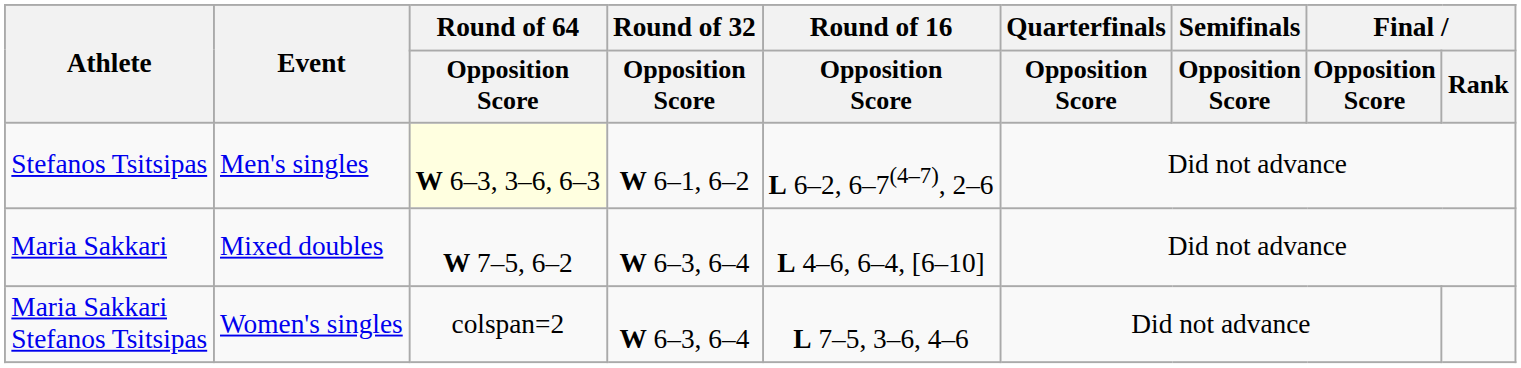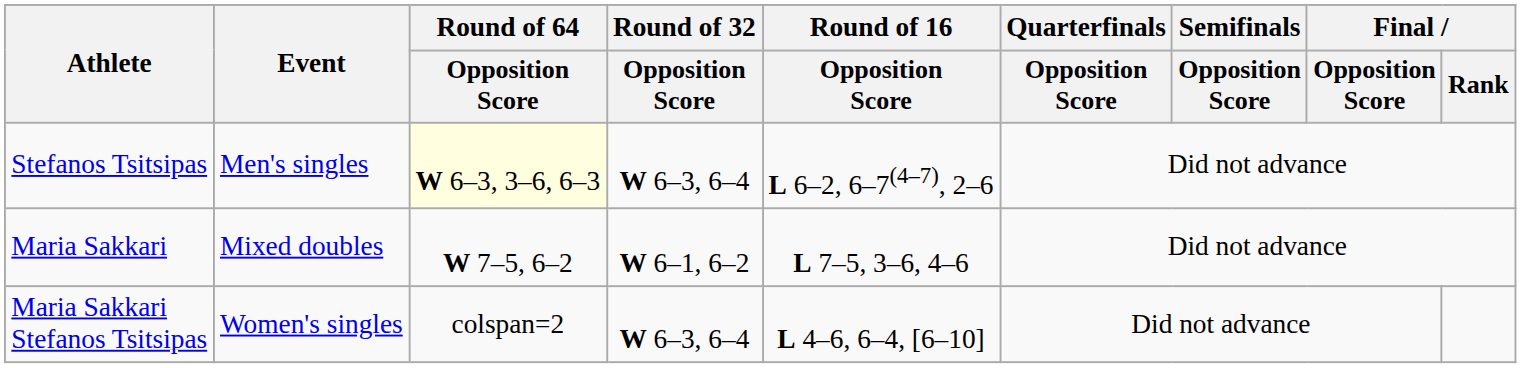 <table class=wikitable style="font-size:90%">
 <tr>
 <th rowspan="2">Athlete</th>
 <th rowspan="2">Event</th>
 <th>Round of 64</th>
 <th>Round of 32</th>
 <th>Round of 16</th>
 <th>Quarterfinals</th>
 <th>Semifinals</th>
 <th colspan=2>Final / </th>
 </tr>
 <tr style="font-size:95%">
 <th>Opposition<br>Score</th>
 <th>Opposition<br>Score</th>
 <th>Opposition<br>Score</th>
 <th>Opposition<br>Score</th>
 <th>Opposition<br>Score</th>
 <th>Opposition<br>Score</th>
 <th>Rank</th>
 </tr>
 <tr align=center>
 <td align=left><a href='#'>Stefanos Tsitsipas</a></td>
 <td align=left><a href='#'>Men's singles</a></td>
 <td style="background: lightyellow;"><br><strong>W</strong> 6–3, 3–6, 6–3</td>
-<td><br><strong>W</strong> 6–1, 6–2</td>
+<td><br><strong>W</strong> 6–3, 6–4</td>
 <td><br><strong>L</strong> 6–2, 6–7<sup>(4–7)</sup>, 2–6</td>
 <td colspan=4>Did not advance</td>
 </tr>
 <tr align=center>
 <td align=left><a href='#'>Maria Sakkari</a></td>
 <td align=left><a href='#'>Mixed doubles</a></td>
 <td><br><strong>W</strong> 7–5, 6–2</td>
-<td><br><strong>W</strong> 6–3, 6–4</td>
-<td><br><strong>L</strong> 4–6, 6–4, [6–10]</td>
+<td><br><strong>W</strong> 6–1, 6–2</td>
+<td><br><strong>L</strong> 7–5, 3–6, 4–6</td>
 <td colspan=4>Did not advance</td>
 </tr>
 <tr align=center>
 <td align=left><a href='#'>Maria Sakkari</a><br><a href='#'>Stefanos Tsitsipas</a></td>
 <td align=left><a href='#'>Women's singles</a></td>
 <td>colspan=2 </td>
 <td><br><strong>W</strong> 6–3, 6–4</td>
-<td><br><strong>L</strong> 7–5, 3–6, 4–6</td>
+<td><br><strong>L</strong> 4–6, 6–4, [6–10]</td>
 <td colspan=3>Did not advance</td>
 </tr>
 </table>
